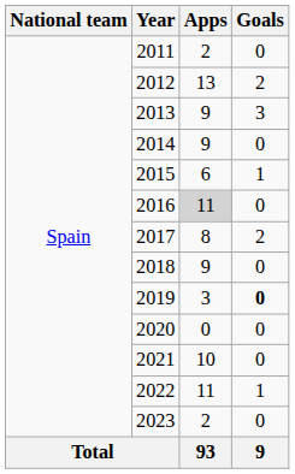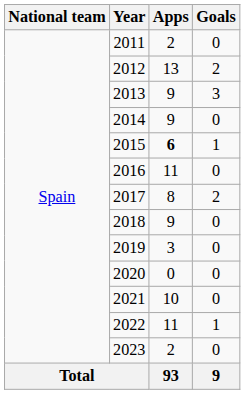 <table class="wikitable" style="text-align:center">
 <tr>
 <th>National team</th>
 <th>Year</th>
 <th>Apps</th>
 <th>Goals</th>
 </tr>
 <tr>
 <td rowspan="13"><a href='#'>Spain</a></td>
 <td>2011</td>
 <td>2</td>
 <td>0</td>
 </tr>
 <tr>
 <td>2012</td>
 <td>13</td>
 <td>2</td>
 </tr>
 <tr>
 <td>2013</td>
 <td>9</td>
 <td>3</td>
 </tr>
 <tr>
 <td>2014</td>
 <td>9</td>
 <td>0</td>
 </tr>
 <tr>
 <td>2015</td>
-<td>6</td>
+<td><strong>6</strong></td>
 <td>1</td>
 </tr>
 <tr>
 <td>2016</td>
-<td style="background: lightgrey;">11</td>
+<td>11</td>
 <td>0</td>
 </tr>
 <tr>
 <td>2017</td>
 <td>8</td>
 <td>2</td>
 </tr>
 <tr>
 <td>2018</td>
 <td>9</td>
 <td>0</td>
 </tr>
 <tr>
 <td>2019</td>
 <td>3</td>
-<td><strong>0</strong></td>
+<td>0</td>
 </tr>
 <tr>
 <td>2020</td>
 <td>0</td>
 <td>0</td>
 </tr>
 <tr>
 <td>2021</td>
 <td>10</td>
 <td>0</td>
 </tr>
 <tr>
 <td>2022</td>
 <td>11</td>
 <td>1</td>
 </tr>
 <tr>
 <td>2023</td>
 <td>2</td>
 <td>0</td>
 </tr>
 <tr>
 <th colspan="2">Total</th>
 <th>93</th>
 <th>9</th>
 </tr>
 </table>
